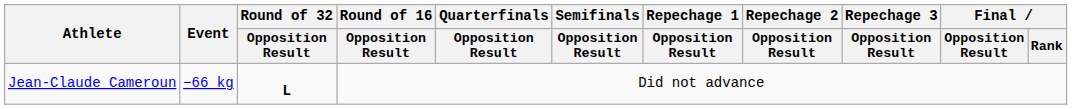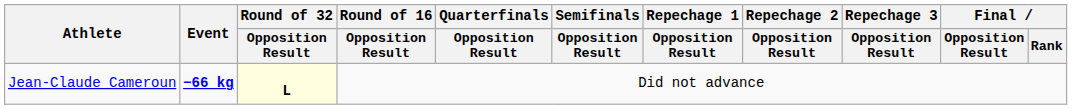 <table class="wikitable" style="font-size:90%">
 <tr>
 <th rowspan="2">Athlete</th>
 <th rowspan="2">Event</th>
 <th>Round of 32</th>
 <th>Round of 16</th>
 <th>Quarterfinals</th>
 <th>Semifinals</th>
 <th>Repechage 1</th>
 <th>Repechage 2</th>
 <th>Repechage 3</th>
 <th colspan=2>Final / </th>
 </tr>
 <tr style="font-size:95%">
 <th>Opposition<br>Result</th>
 <th>Opposition<br>Result</th>
 <th>Opposition<br>Result</th>
 <th>Opposition<br>Result</th>
 <th>Opposition<br>Result</th>
 <th>Opposition<br>Result</th>
 <th>Opposition<br>Result</th>
 <th>Opposition<br>Result</th>
 <th>Rank</th>
 </tr>
 <tr align=center>
 <td align=left><a href='#'>Jean-Claude Cameroun</a></td>
-<td align=left><a href='#'>−66 kg</a></td>
-<td><br><strong>L</strong></td>
+<td align=left><strong><a href='#'>−66 kg</a></strong></td>
+<td style="background: lightyellow;"><br><strong>L</strong></td>
 <td colspan=9>Did not advance</td>
 </tr>
 </table>
